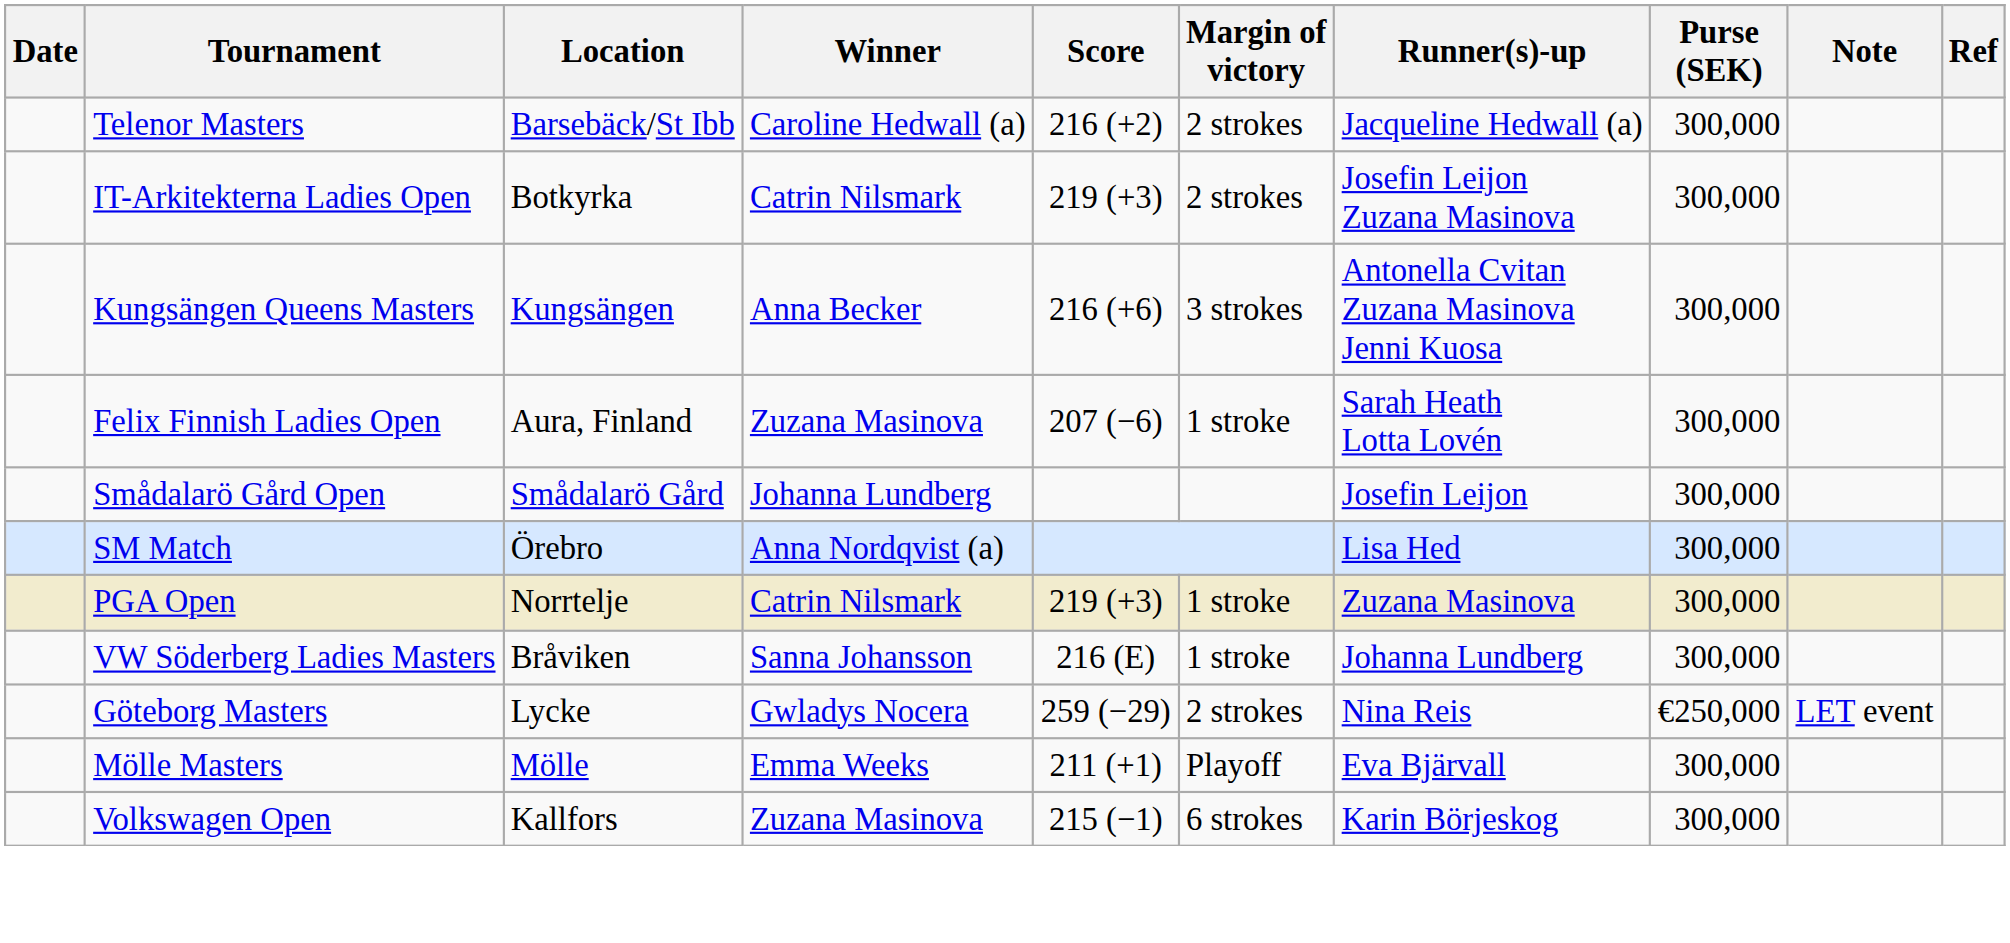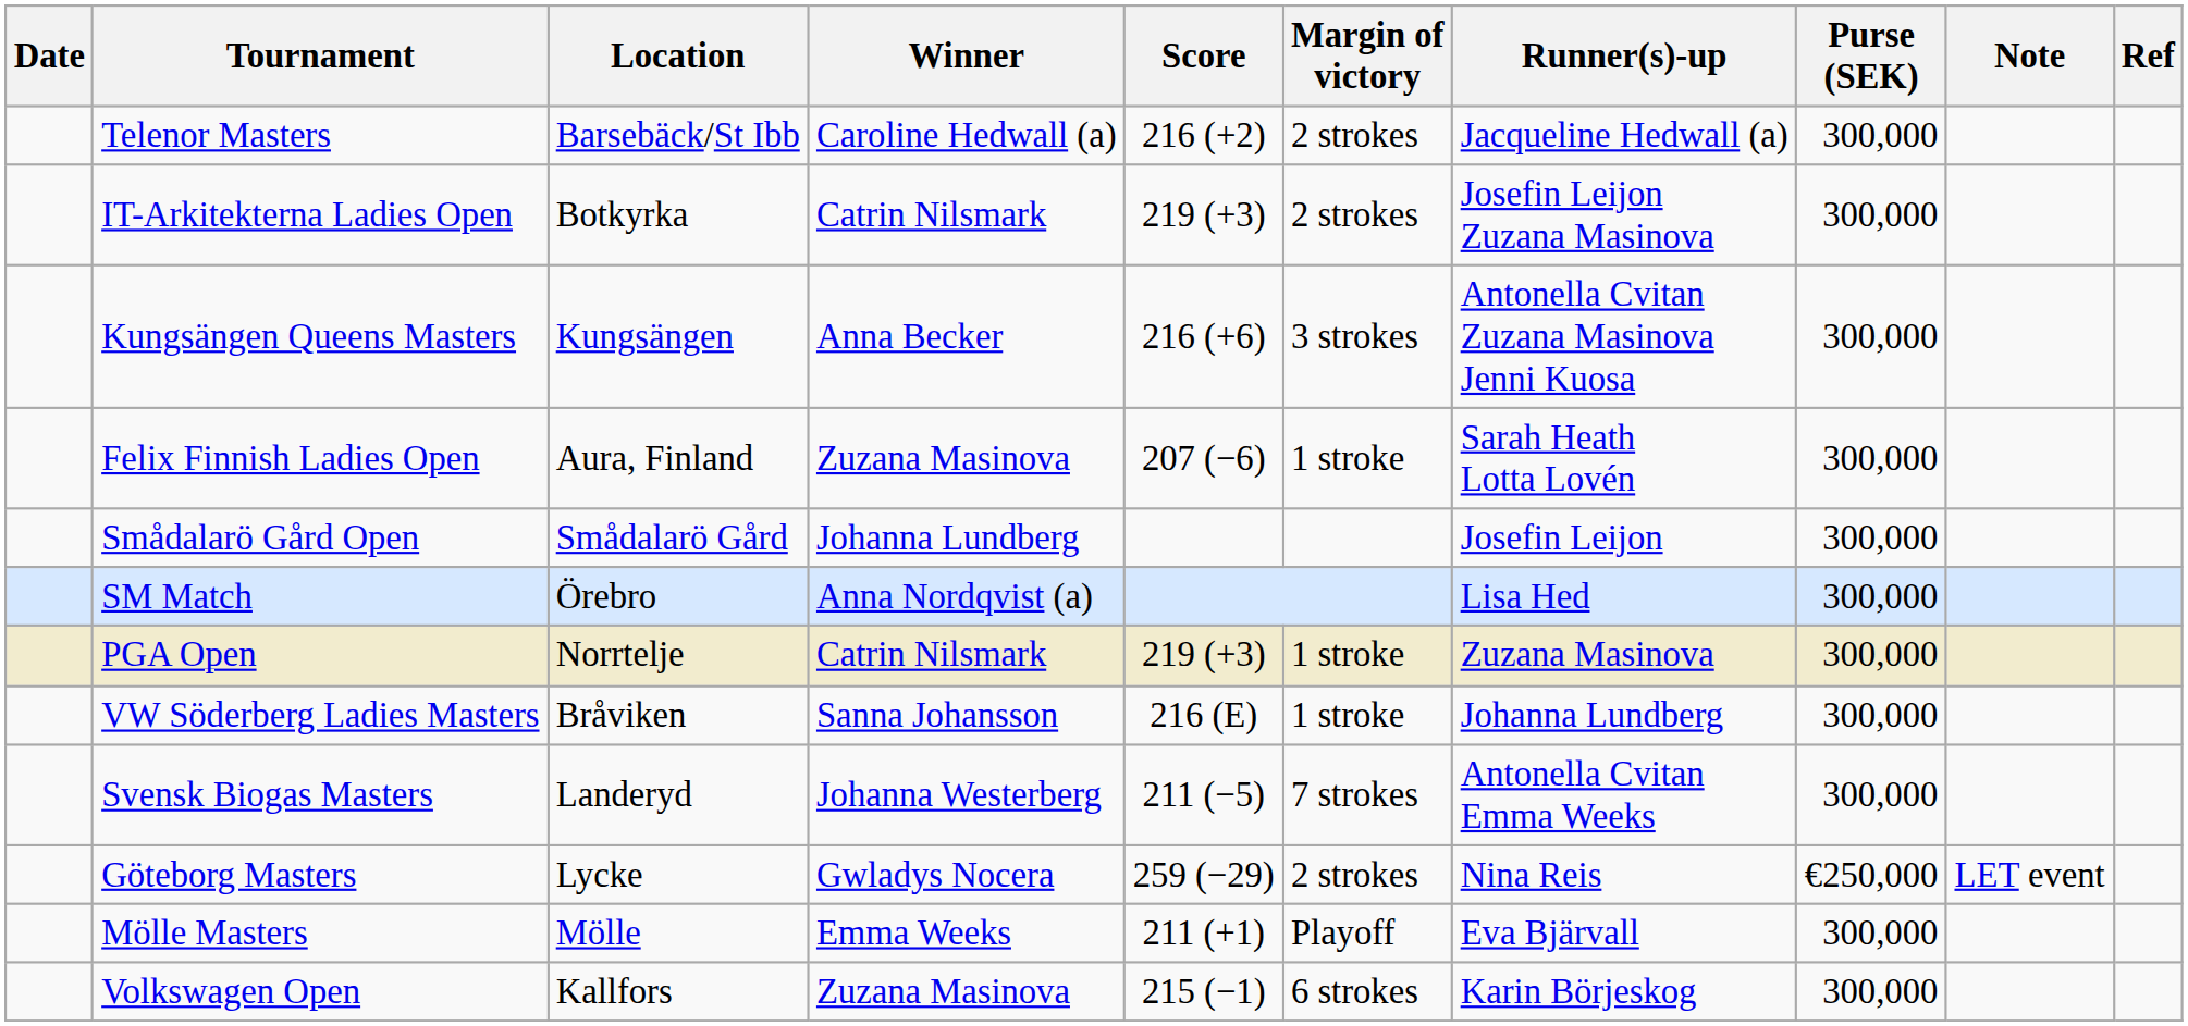 <table class="wikitable" style="font-size:95%;">
 <tr>
 <th>Date</th>
 <th>Tournament</th>
 <th>Location</th>
 <th>Winner</th>
 <th>Score</th>
 <th>Margin of<br>victory</th>
 <th>Runner(s)-up</th>
 <th>Purse<br>(SEK)</th>
 <th>Note</th>
 <th>Ref</th>
 </tr>
 <tr>
 <td></td>
 <td><a href='#'>Telenor Masters</a></td>
 <td><a href='#'>Barsebäck</a>/<a href='#'>St Ibb</a></td>
 <td> <a href='#'>Caroline Hedwall</a> (a)</td>
 <td align=center>216 (+2)</td>
 <td>2 strokes</td>
 <td> <a href='#'>Jacqueline Hedwall</a> (a)</td>
 <td align=right>300,000</td>
 <td></td>
 <td></td>
 </tr>
 <tr>
 <td></td>
 <td><a href='#'>IT-Arkitekterna Ladies Open</a></td>
 <td>Botkyrka</td>
 <td> <a href='#'>Catrin Nilsmark</a></td>
 <td align=center>219 (+3)</td>
 <td>2 strokes</td>
 <td> <a href='#'>Josefin Leijon</a><br> <a href='#'>Zuzana Masinova</a></td>
 <td align=right>300,000</td>
 <td></td>
 <td></td>
 </tr>
 <tr>
 <td></td>
 <td><a href='#'>Kungsängen Queens Masters</a></td>
 <td><a href='#'>Kungsängen</a></td>
 <td> <a href='#'>Anna Becker</a></td>
 <td align=center>216 (+6)</td>
 <td>3 strokes</td>
 <td> <a href='#'>Antonella Cvitan</a><br> <a href='#'>Zuzana Masinova</a><br> <a href='#'>Jenni Kuosa</a></td>
 <td align=right>300,000</td>
 <td></td>
 <td></td>
 </tr>
 <tr>
 <td></td>
 <td><a href='#'>Felix Finnish Ladies Open</a></td>
 <td>Aura, Finland</td>
 <td> <a href='#'>Zuzana Masinova</a></td>
 <td align=center>207 (−6)</td>
 <td>1 stroke</td>
 <td> <a href='#'>Sarah Heath</a><br> <a href='#'>Lotta Lovén</a></td>
 <td align=right>300,000</td>
 <td></td>
 <td></td>
 </tr>
 <tr>
 <td></td>
 <td><a href='#'>Smådalarö Gård Open</a></td>
 <td><a href='#'>Smådalarö Gård</a></td>
 <td> <a href='#'>Johanna Lundberg</a></td>
 <td align=center></td>
 <td></td>
 <td> <a href='#'>Josefin Leijon</a></td>
 <td align=right>300,000</td>
 <td></td>
 <td></td>
 </tr>
 <tr style="background:#D6E8FF;">
 <td></td>
 <td><a href='#'>SM Match</a></td>
 <td>Örebro</td>
 <td> <a href='#'>Anna Nordqvist</a> (a)</td>
 <td colspan=2 align=center></td>
 <td> <a href='#'>Lisa Hed</a></td>
 <td align=right>300,000</td>
 <td></td>
 <td></td>
 </tr>
 <tr style="background:#f2ecce;">
 <td></td>
 <td><a href='#'>PGA Open</a></td>
 <td>Norrtelje</td>
 <td> <a href='#'>Catrin Nilsmark</a></td>
 <td align=center>219 (+3)</td>
 <td>1 stroke</td>
 <td> <a href='#'>Zuzana Masinova</a></td>
 <td align=right>300,000</td>
 <td></td>
 <td></td>
 </tr>
 <tr>
 <td></td>
 <td><a href='#'>VW Söderberg Ladies Masters</a></td>
 <td>Bråviken</td>
 <td> <a href='#'>Sanna Johansson</a></td>
 <td align=center>216 (E)</td>
 <td>1 stroke</td>
 <td> <a href='#'>Johanna Lundberg</a></td>
 <td align=right>300,000</td>
 <td></td>
 <td></td>
 </tr>
 <tr>
 <td></td>
+<td><a href='#'>Svensk Biogas Masters</a></td>
+<td>Landeryd</td>
+<td> <a href='#'>Johanna Westerberg</a></td>
+<td align=center>211 (−5)</td>
+<td>7 strokes</td>
+<td> <a href='#'>Antonella Cvitan</a><br> <a href='#'>Emma Weeks</a></td>
+<td align=right>300,000</td>
+<td></td>
+<td></td>
+</tr>
+<tr>
+<td></td>
 <td><a href='#'>Göteborg Masters</a></td>
 <td>Lycke</td>
 <td> <a href='#'>Gwladys Nocera</a></td>
 <td align=center>259 (−29)</td>
 <td>2 strokes</td>
 <td> <a href='#'>Nina Reis</a></td>
 <td align=right>€250,000</td>
 <td><a href='#'>LET</a> event</td>
 <td></td>
 </tr>
 <tr>
 <td></td>
 <td><a href='#'>Mölle Masters</a></td>
 <td><a href='#'>Mölle</a></td>
 <td> <a href='#'>Emma Weeks</a></td>
 <td align=center>211 (+1)</td>
 <td>Playoff</td>
 <td> <a href='#'>Eva Bjärvall</a></td>
 <td align=right>300,000</td>
 <td></td>
 <td></td>
 </tr>
 <tr>
 <td></td>
 <td><a href='#'>Volkswagen Open</a></td>
 <td>Kallfors</td>
 <td> <a href='#'>Zuzana Masinova</a></td>
 <td align=center>215 (−1)</td>
 <td>6 strokes</td>
 <td> <a href='#'>Karin Börjeskog</a></td>
 <td align=right>300,000</td>
 <td></td>
 <td></td>
 </tr>
 </table>
